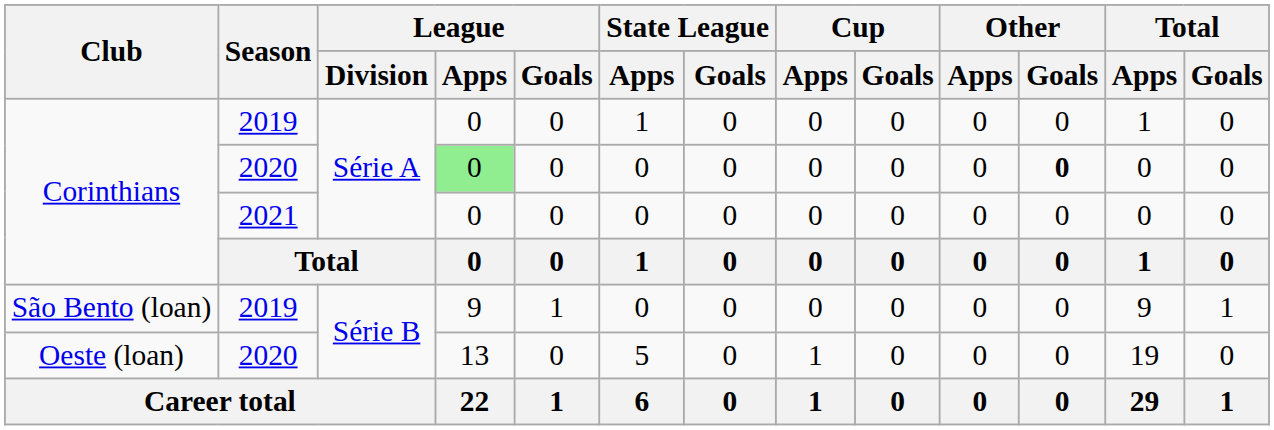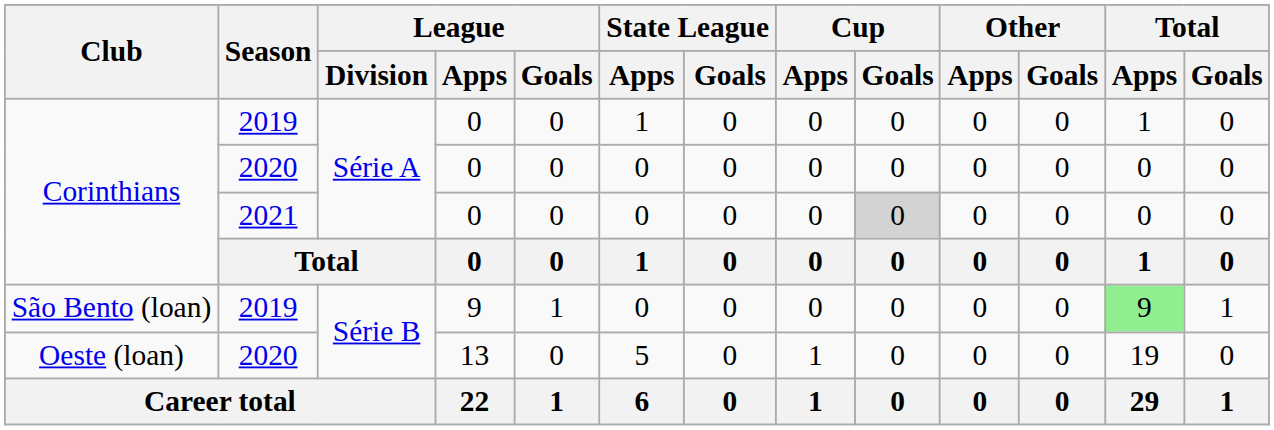 <table class="wikitable" style="text-align: center">
 <tr>
 <th rowspan="2">Club</th>
 <th rowspan="2">Season</th>
 <th colspan="3">League</th>
 <th colspan="2">State League</th>
 <th colspan="2">Cup</th>
 <th colspan="2">Other</th>
 <th colspan="2">Total</th>
 </tr>
 <tr>
 <th>Division</th>
 <th>Apps</th>
 <th>Goals</th>
 <th>Apps</th>
 <th>Goals</th>
 <th>Apps</th>
 <th>Goals</th>
 <th>Apps</th>
 <th>Goals</th>
 <th>Apps</th>
 <th>Goals</th>
 </tr>
 <tr>
 <td rowspan="4"><a href='#'>Corinthians</a></td>
 <td><a href='#'>2019</a></td>
 <td rowspan="3"><a href='#'>Série A</a></td>
 <td>0</td>
 <td>0</td>
 <td>1</td>
 <td>0</td>
 <td>0</td>
 <td>0</td>
 <td>0</td>
 <td>0</td>
 <td>1</td>
 <td>0</td>
 </tr>
 <tr>
 <td><a href='#'>2020</a></td>
-<td style="background: lightgreen;">0</td>
 <td>0</td>
 <td>0</td>
 <td>0</td>
 <td>0</td>
 <td>0</td>
 <td>0</td>
-<td><strong>0</strong></td>
+<td>0</td>
+<td>0</td>
 <td>0</td>
 <td>0</td>
 </tr>
 <tr>
 <td><a href='#'>2021</a></td>
 <td>0</td>
 <td>0</td>
 <td>0</td>
 <td>0</td>
 <td>0</td>
-<td>0</td>
+<td style="background: lightgrey;">0</td>
 <td>0</td>
 <td>0</td>
 <td>0</td>
 <td>0</td>
 </tr>
 <tr>
 <th colspan="2"><strong>Total</strong></th>
 <th>0</th>
 <th>0</th>
 <th>1</th>
 <th>0</th>
 <th>0</th>
 <th>0</th>
 <th>0</th>
 <th>0</th>
 <th>1</th>
 <th>0</th>
 </tr>
 <tr>
 <td><a href='#'>São Bento</a> (loan)</td>
 <td><a href='#'>2019</a></td>
 <td rowspan="2"><a href='#'>Série B</a></td>
 <td>9</td>
 <td>1</td>
 <td>0</td>
 <td>0</td>
 <td>0</td>
 <td>0</td>
 <td>0</td>
 <td>0</td>
-<td>9</td>
+<td style="background: lightgreen;">9</td>
 <td>1</td>
 </tr>
 <tr>
 <td><a href='#'>Oeste</a> (loan)</td>
 <td><a href='#'>2020</a></td>
 <td>13</td>
 <td>0</td>
 <td>5</td>
 <td>0</td>
 <td>1</td>
 <td>0</td>
 <td>0</td>
 <td>0</td>
 <td>19</td>
 <td>0</td>
 </tr>
 <tr>
 <th colspan="3"><strong>Career total</strong></th>
 <th>22</th>
 <th>1</th>
 <th>6</th>
 <th>0</th>
 <th>1</th>
 <th>0</th>
 <th>0</th>
 <th>0</th>
 <th>29</th>
 <th>1</th>
 </tr>
 </table>
